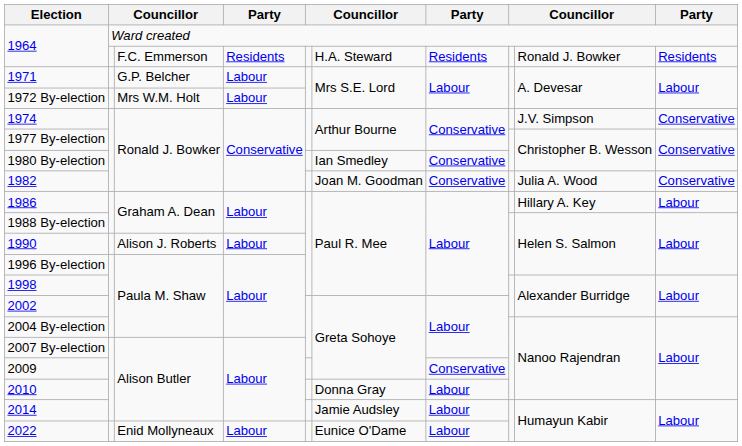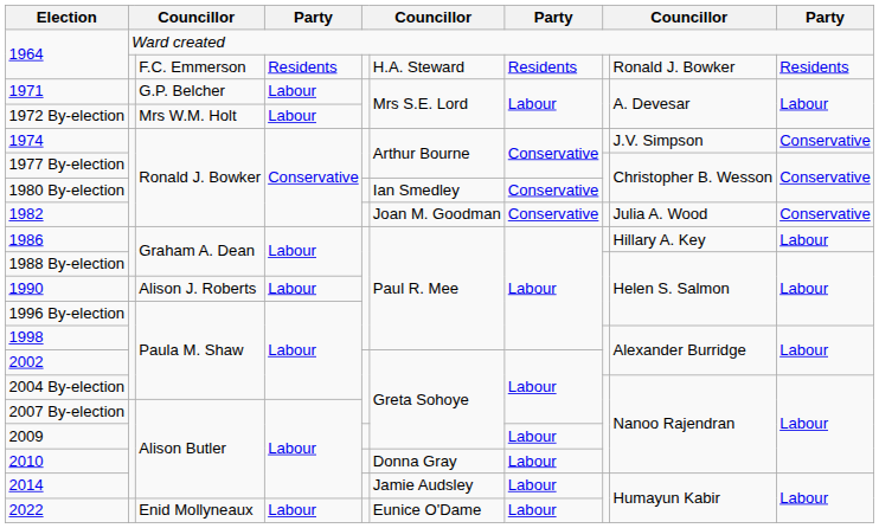 <table class="wikitable">
 <tr>
 <th>Election</th>
 <th colspan="2">Councillor</th>
 <th>Party</th>
 <th colspan="2">Councillor</th>
 <th>Party</th>
 <th colspan="2">Councillor</th>
 <th>Party</th>
 </tr>
 <tr>
 <td rowspan="2"><a href='#'>1964</a></td>
 <td colspan="12"><em>Ward created</em></td>
 </tr>
 <tr>
 <td style="background-color: "></td>
 <td>F.C. Emmerson</td>
 <td><a href='#'>Residents</a></td>
 <td style="background-color: "></td>
 <td>H.A. Steward</td>
 <td><a href='#'>Residents</a></td>
 <td style="background-color: "></td>
 <td>Ronald J. Bowker</td>
 <td><a href='#'>Residents</a></td>
 </tr>
 <tr>
 <td><a href='#'>1971</a></td>
 <td style="background-color: "></td>
 <td>G.P. Belcher</td>
 <td><a href='#'>Labour</a></td>
 <td rowspan="2" style="background-color: "></td>
 <td rowspan="2">Mrs S.E. Lord</td>
 <td rowspan="2"><a href='#'>Labour</a></td>
 <td rowspan="2" style="background-color: "></td>
 <td rowspan="2">A. Devesar</td>
 <td rowspan="2"><a href='#'>Labour</a></td>
 </tr>
 <tr>
 <td>1972 By-election</td>
 <td style="background-color: "></td>
 <td>Mrs W.M. Holt</td>
 <td><a href='#'>Labour</a></td>
 </tr>
 <tr>
 <td><a href='#'>1974</a></td>
 <td rowspan="4" style="background-color: "></td>
 <td rowspan="4">Ronald J. Bowker</td>
 <td rowspan="4"><a href='#'>Conservative</a></td>
 <td rowspan="2" style="background-color: "></td>
 <td rowspan="2">Arthur Bourne</td>
 <td rowspan="2"><a href='#'>Conservative</a></td>
 <td style="background-color: "></td>
 <td>J.V. Simpson</td>
 <td><a href='#'>Conservative</a></td>
 </tr>
 <tr>
 <td>1977 By-election</td>
 <td rowspan="2" style="background-color: "></td>
 <td rowspan="2">Christopher B. Wesson</td>
 <td rowspan="2"><a href='#'>Conservative</a></td>
 </tr>
 <tr>
 <td>1980 By-election</td>
 <td style="background-color: "></td>
 <td>Ian Smedley</td>
 <td><a href='#'>Conservative</a></td>
 </tr>
 <tr>
 <td><a href='#'>1982</a></td>
 <td style="background-color: "></td>
 <td>Joan M. Goodman</td>
 <td><a href='#'>Conservative</a></td>
 <td style="background-color: "></td>
 <td>Julia A. Wood</td>
 <td><a href='#'>Conservative</a></td>
 </tr>
 <tr>
 <td><a href='#'>1986</a></td>
 <td rowspan="2" style="background-color: "></td>
 <td rowspan="2">Graham A. Dean</td>
 <td rowspan="2"><a href='#'>Labour</a></td>
 <td rowspan="5" style="background-color: "></td>
 <td rowspan="5">Paul R. Mee</td>
 <td rowspan="5"><a href='#'>Labour</a></td>
 <td style="background-color: "></td>
 <td>Hillary A. Key</td>
 <td><a href='#'>Labour</a></td>
 </tr>
 <tr>
 <td>1988 By-election</td>
 <td rowspan="3" style="background-color: "></td>
 <td rowspan="3">Helen S. Salmon</td>
 <td rowspan="3"><a href='#'>Labour</a></td>
 </tr>
 <tr>
 <td><a href='#'>1990</a></td>
 <td style="background-color: "></td>
 <td>Alison J. Roberts</td>
 <td><a href='#'>Labour</a></td>
 </tr>
 <tr>
 <td>1996 By-election</td>
 <td rowspan="4" style="background-color: "></td>
 <td rowspan="4">Paula M. Shaw</td>
 <td rowspan="4"><a href='#'>Labour</a></td>
 </tr>
 <tr>
 <td><a href='#'>1998</a></td>
 <td rowspan="2" style="background-color: "></td>
 <td rowspan="2">Alexander Burridge</td>
 <td rowspan="2"><a href='#'>Labour</a></td>
 </tr>
 <tr>
 <td><a href='#'>2002</a></td>
 <td rowspan="3" style="background-color: "></td>
 <td rowspan="4">Greta Sohoye</td>
 <td rowspan="3"><a href='#'>Labour</a></td>
 </tr>
 <tr>
 <td>2004 By-election</td>
 <td rowspan="4" style="background-color: "></td>
 <td rowspan="4">Nanoo Rajendran</td>
 <td rowspan="4"><a href='#'>Labour</a></td>
 </tr>
 <tr>
 <td>2007 By-election</td>
 <td rowspan="4" style="background-color: "></td>
 <td rowspan="4">Alison Butler</td>
 <td rowspan="4"><a href='#'>Labour</a></td>
 </tr>
 <tr>
 <td>2009</td>
 <td style="background-color: "></td>
-<td><a href='#'>Conservative</a></td>
+<td><a href='#'>Labour</a></td>
 </tr>
 <tr>
 <td><a href='#'>2010</a></td>
 <td style="background-color: "></td>
 <td>Donna Gray</td>
 <td><a href='#'>Labour</a></td>
 </tr>
 <tr>
 <td><a href='#'>2014</a></td>
 <td style="background-color: "></td>
 <td>Jamie Audsley</td>
 <td><a href='#'>Labour</a></td>
 <td rowspan="2" style="background-color: "></td>
 <td rowspan="2">Humayun Kabir</td>
 <td rowspan="2"><a href='#'>Labour</a></td>
 </tr>
 <tr>
 <td><a href='#'>2022</a></td>
 <td style="background-color: "></td>
 <td>Enid Mollyneaux</td>
 <td><a href='#'>Labour</a></td>
 <td style="background-color: "></td>
 <td>Eunice O'Dame</td>
 <td><a href='#'>Labour</a></td>
 </tr>
 </table>
